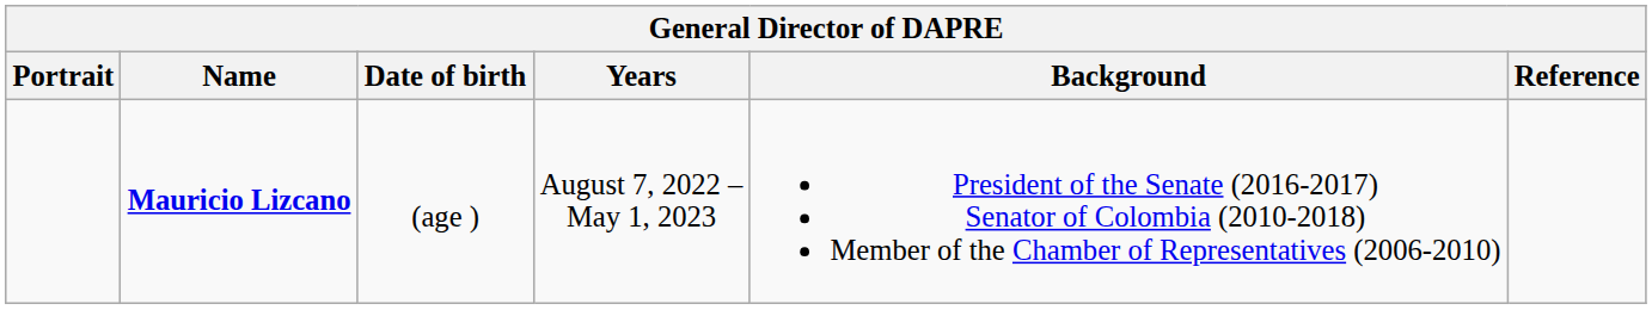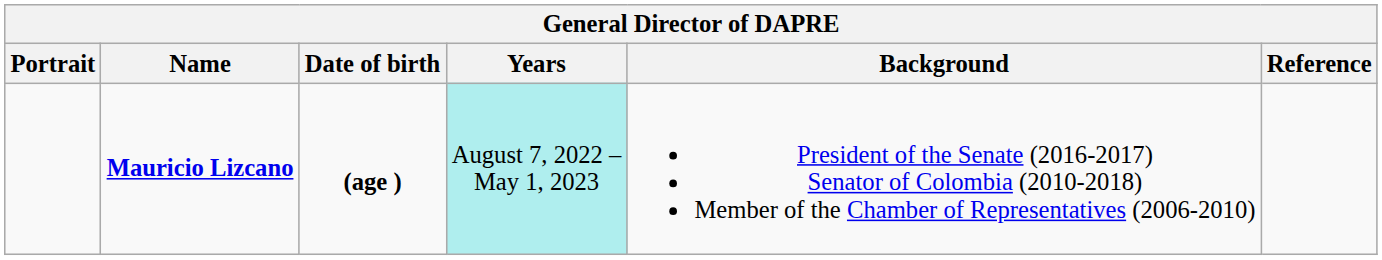 <table class="wikitable collapsible" style="text-align:center;">
 <tr>
 <th colspan="6">General Director of DAPRE</th>
 </tr>
 <tr>
 <th>Portrait</th>
 <th>Name</th>
 <th>Date of birth</th>
 <th>Years</th>
 <th>Background</th>
 <th>Reference</th>
 </tr>
 <tr>
 <td></td>
 <td><strong><a href='#'>Mauricio Lizcano</a></strong></td>
-<td><br>(age )</td>
-<td nowrap>August 7, 2022 –<br>May 1, 2023</td>
+<td><strong><br>(age )</strong></td>
+<td nowrap style="background: paleturquoise;">August 7, 2022 –<br>May 1, 2023</td>
 <td><br><ul><li><a href='#'>President of the Senate</a> (2016-2017)</li><li><a href='#'>Senator of Colombia</a> (2010-2018)</li><li>Member of the <a href='#'>Chamber of Representatives</a> (2006-2010)</li></ul></td>
 <td></td>
 </tr>
 </table>
